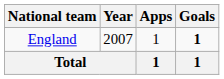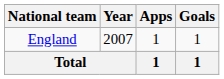 <table class=wikitable style=text-align:center>
 <tr>
 <th>National team</th>
 <th>Year</th>
 <th>Apps</th>
 <th>Goals</th>
 </tr>
 <tr>
 <td><a href='#'>England</a></td>
 <td>2007</td>
 <td>1</td>
-<td><strong>1</strong></td>
+<td>1</td>
 </tr>
 <tr>
 <th colspan=2>Total</th>
 <th>1</th>
 <th>1</th>
 </tr>
 </table>
